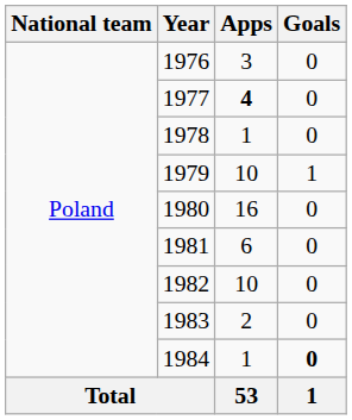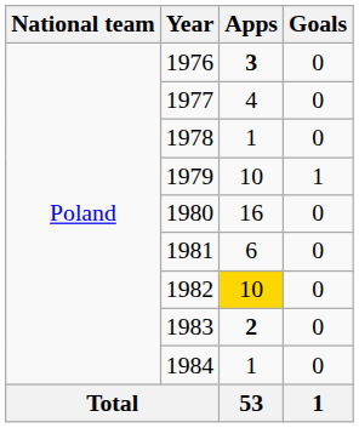 <table class="wikitable" style="text-align:center">
 <tr>
 <th>National team</th>
 <th>Year</th>
 <th>Apps</th>
 <th>Goals</th>
 </tr>
 <tr>
 <td rowspan="9"><a href='#'>Poland</a></td>
 <td>1976</td>
-<td>3</td>
+<td><strong>3</strong></td>
 <td>0</td>
 </tr>
 <tr>
 <td>1977</td>
-<td><strong>4</strong></td>
+<td>4</td>
 <td>0</td>
 </tr>
 <tr>
 <td>1978</td>
 <td>1</td>
 <td>0</td>
 </tr>
 <tr>
 <td>1979</td>
 <td>10</td>
 <td>1</td>
 </tr>
 <tr>
 <td>1980</td>
 <td>16</td>
 <td>0</td>
 </tr>
 <tr>
 <td>1981</td>
 <td>6</td>
 <td>0</td>
 </tr>
 <tr>
 <td>1982</td>
-<td>10</td>
+<td style="background: gold;">10</td>
 <td>0</td>
 </tr>
 <tr>
 <td>1983</td>
-<td>2</td>
+<td><strong>2</strong></td>
 <td>0</td>
 </tr>
 <tr>
 <td>1984</td>
 <td>1</td>
-<td><strong>0</strong></td>
+<td>0</td>
 </tr>
 <tr>
 <th colspan="2">Total</th>
 <th>53</th>
 <th>1</th>
 </tr>
 </table>
